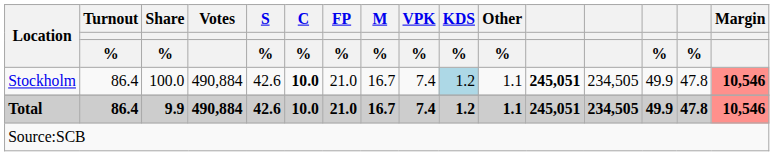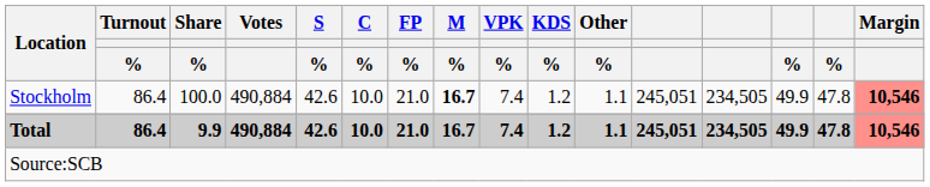 <table class="wikitable sortable" style="text-align:right; font-size:95%; line-height:20px;">
 <tr>
 <th rowspan="3">Location</th>
 <th>Turnout</th>
 <th>Share</th>
 <th>Votes</th>
 <th width="30px" class="unsortable"><a href='#'>S</a></th>
 <th width="30px" class="unsortable"><a href='#'>C</a></th>
 <th width="30px" class="unsortable"><a href='#'>FP</a></th>
 <th width="30px" class="unsortable"><a href='#'>M</a></th>
 <th width="30px" class="unsortable"><a href='#'>VPK</a></th>
 <th width="30px" class="unsortable"><a href='#'>KDS</a></th>
 <th width="30px" class="unsortable">Other</th>
 <th></th>
 <th></th>
 <th></th>
 <th></th>
 <th>Margin</th>
 </tr>
 <tr>
 <th></th>
 <th></th>
 <th></th>
 <th style="background:"></th>
 <th style="background:"></th>
 <th style="background:"></th>
 <th style="background:"></th>
 <th style="background:"></th>
 <th style="background:"></th>
 <th style="background:"></th>
 <th style="background:"></th>
 <th style="background:"></th>
 <th style="background:"></th>
 <th style="background:"></th>
 <th></th>
 </tr>
 <tr>
 <th data-sort-type="number">%</th>
 <th data-sort-type="number">%</th>
 <th></th>
 <th data-sort-type="number">%</th>
 <th data-sort-type="number">%</th>
 <th data-sort-type="number">%</th>
 <th data-sort-type="number">%</th>
 <th data-sort-type="number">%</th>
 <th data-sort-type="number">%</th>
 <th data-sort-type="number">%</th>
 <th data-sort-type="number"></th>
 <th data-sort-type="number"></th>
 <th data-sort-type="number">%</th>
 <th data-sort-type="number">%</th>
 <th data-sort-type="number"></th>
 </tr>
 <tr>
 <td align=left><a href='#'>Stockholm</a></td>
 <td>86.4</td>
 <td>100.0</td>
 <td>490,884</td>
 <td>42.6</td>
-<td><strong>10.0</strong></td>
+<td>10.0</td>
 <td>21.0</td>
-<td>16.7</td>
+<td><strong>16.7</strong></td>
 <td>7.4</td>
-<td style="background: lightblue;">1.2</td>
+<td>1.2</td>
 <td>1.1</td>
-<td><strong>245,051</strong></td>
+<td>245,051</td>
 <td>234,505</td>
 <td>49.9</td>
 <td>47.8</td>
 <td bgcolor=#ff908c><strong>10,546</strong></td>
 </tr>
 <tr>
 </tr>
 <tr style="background:#CDCDCD;">
 <td align=left><strong>Total</strong></td>
 <td><strong>86.4</strong></td>
 <td><strong>9.9</strong></td>
 <td><strong>490,884</strong></td>
 <td><strong>42.6</strong></td>
 <td><strong>10.0</strong></td>
 <td><strong>21.0</strong></td>
 <td><strong>16.7</strong></td>
 <td><strong>7.4</strong></td>
 <td><strong>1.2</strong></td>
 <td><strong>1.1</strong></td>
 <td><strong>245,051</strong></td>
 <td><strong>234,505</strong></td>
 <td><strong>49.9</strong></td>
 <td><strong>47.8</strong></td>
 <td bgcolor=#ff908c><strong>10,546</strong></td>
 </tr>
 <tr>
 <td align=left colspan=16>Source:SCB </td>
 </tr>
 </table>
